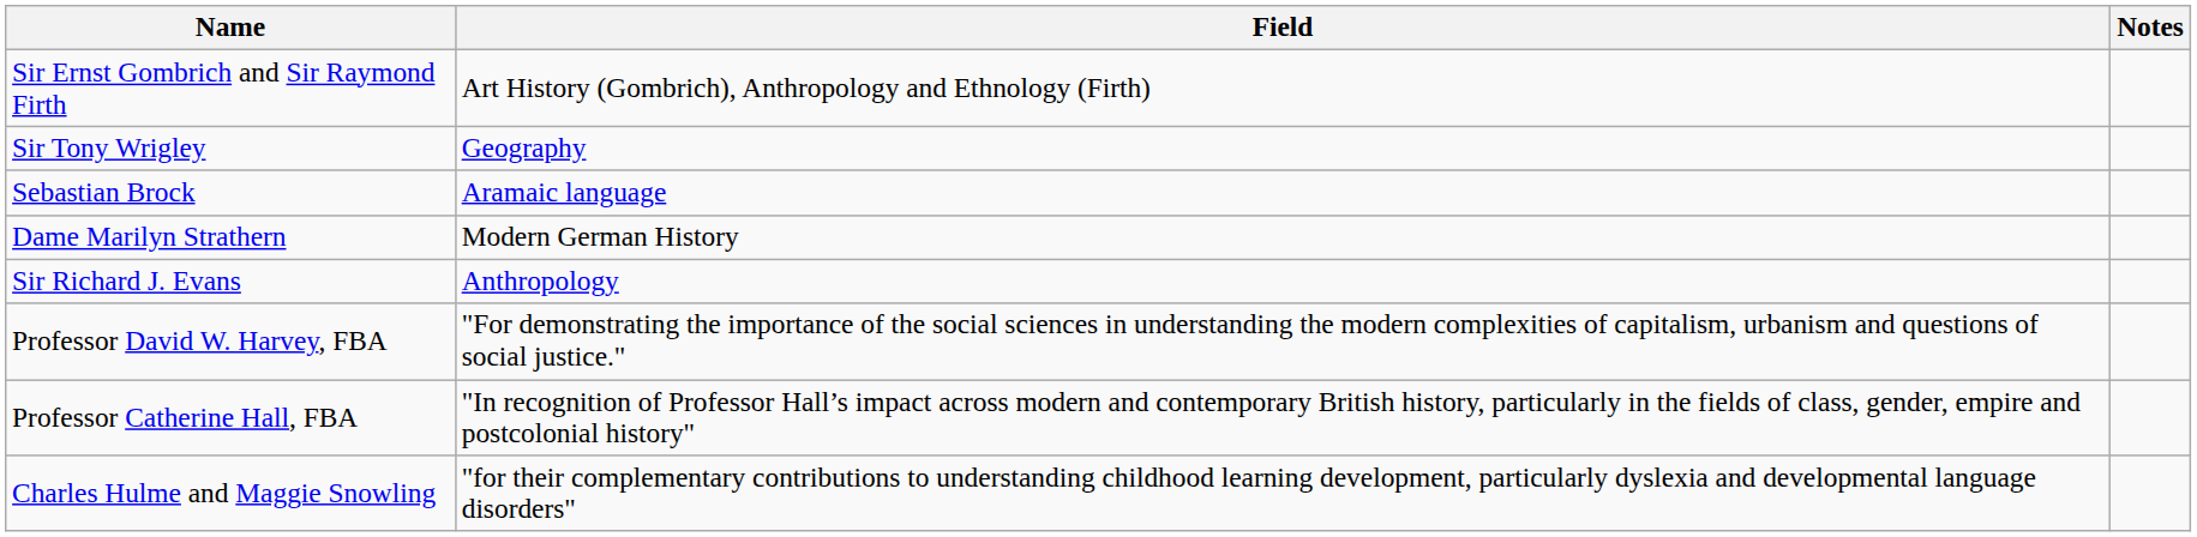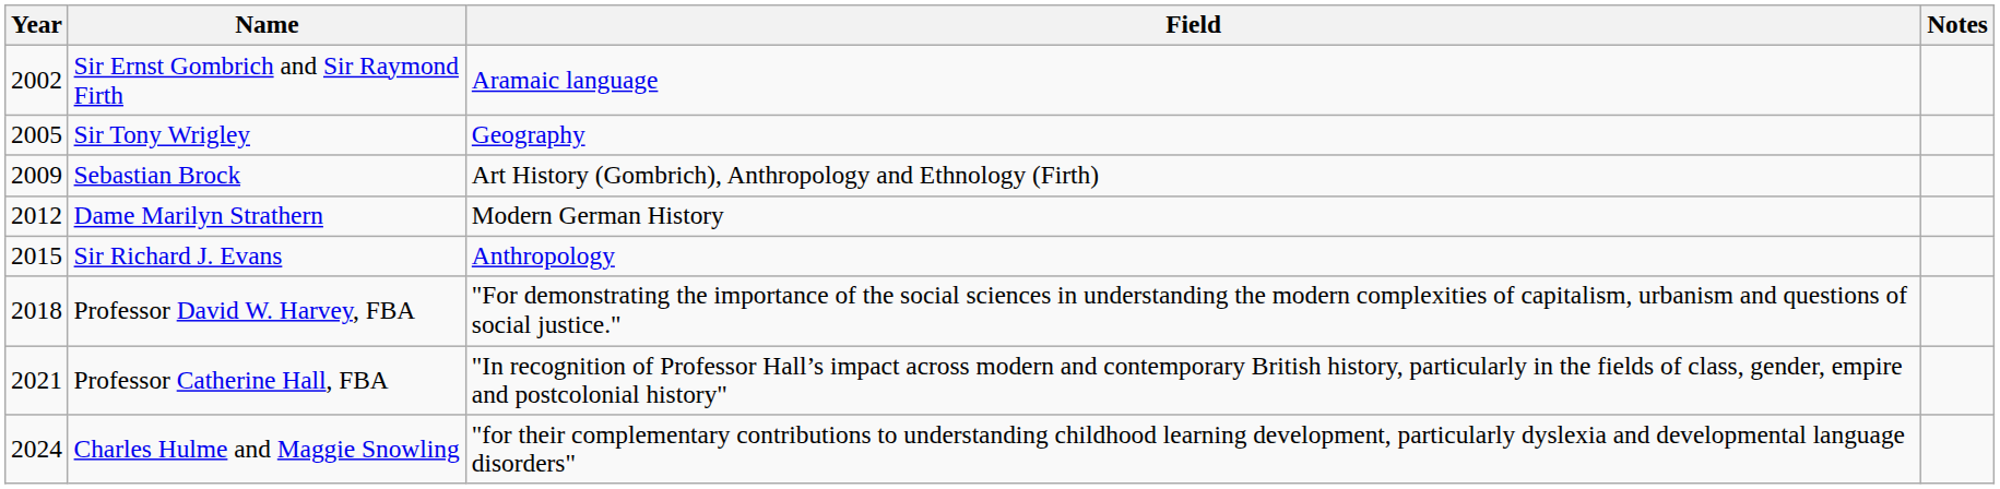 <table class="wikitable sortable" border="1" style="align:left;">
 <tr>
+<th>Year</th>
 <th>Name</th>
 <th>Field</th>
 <th class="unsortable">Notes</th>
 </tr>
 <tr>
+<td>2002</td>
 <td><a href='#'>Sir Ernst Gombrich</a> and <a href='#'>Sir Raymond Firth</a></td>
-<td>Art History (Gombrich), Anthropology and Ethnology (Firth)</td>
+<td><a href='#'>Aramaic language</a></td>
 <td></td>
 </tr>
 <tr>
+<td>2005</td>
 <td><a href='#'>Sir Tony Wrigley</a></td>
 <td><a href='#'>Geography</a></td>
 <td></td>
 </tr>
 <tr>
+<td>2009</td>
 <td><a href='#'>Sebastian Brock</a></td>
-<td><a href='#'>Aramaic language</a></td>
+<td>Art History (Gombrich), Anthropology and Ethnology (Firth)</td>
 <td></td>
 </tr>
 <tr>
+<td>2012</td>
 <td><a href='#'>Dame Marilyn Strathern</a></td>
 <td>Modern German History</td>
 <td></td>
 </tr>
 <tr>
+<td>2015</td>
 <td><a href='#'>Sir Richard J. Evans</a></td>
 <td><a href='#'>Anthropology</a></td>
 <td></td>
 </tr>
 <tr>
+<td>2018</td>
 <td>Professor <a href='#'>David W. Harvey</a>, FBA</td>
 <td>"For demonstrating the importance of the social sciences in understanding the modern complexities of capitalism, urbanism and questions of social justice."</td>
 <td></td>
 </tr>
 <tr>
+<td>2021</td>
 <td>Professor <a href='#'>Catherine Hall</a>, FBA</td>
 <td>"In recognition of Professor Hall’s impact across modern and contemporary British history, particularly in the fields of class, gender, empire and postcolonial history"</td>
 <td></td>
 </tr>
 <tr>
+<td>2024</td>
 <td><a href='#'>Charles Hulme</a> and <a href='#'>Maggie Snowling</a></td>
 <td>"for their complementary contributions to understanding childhood learning development, particularly dyslexia and developmental language disorders"</td>
 <td></td>
 </tr>
 </table>
